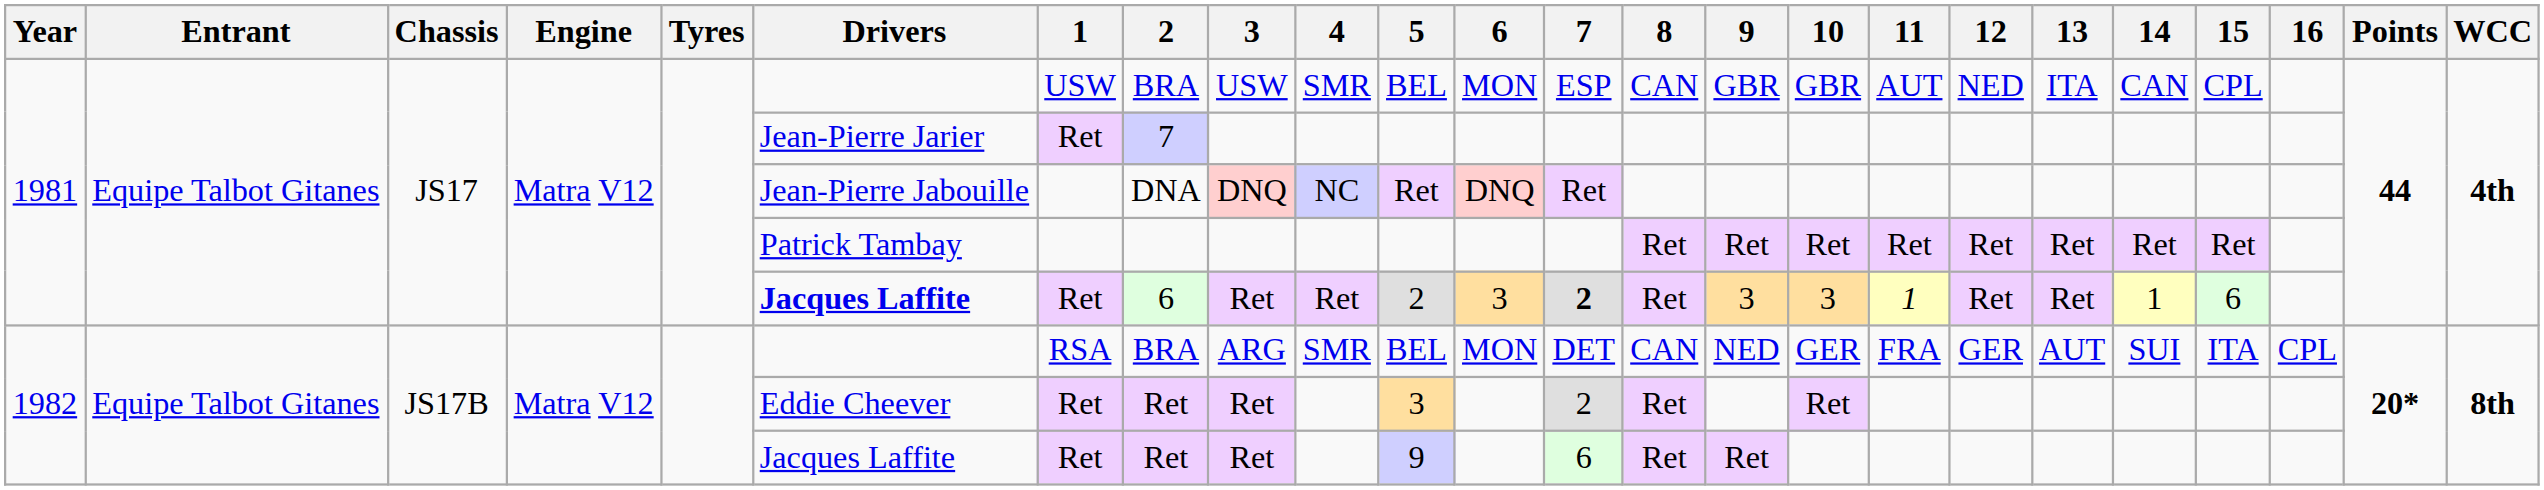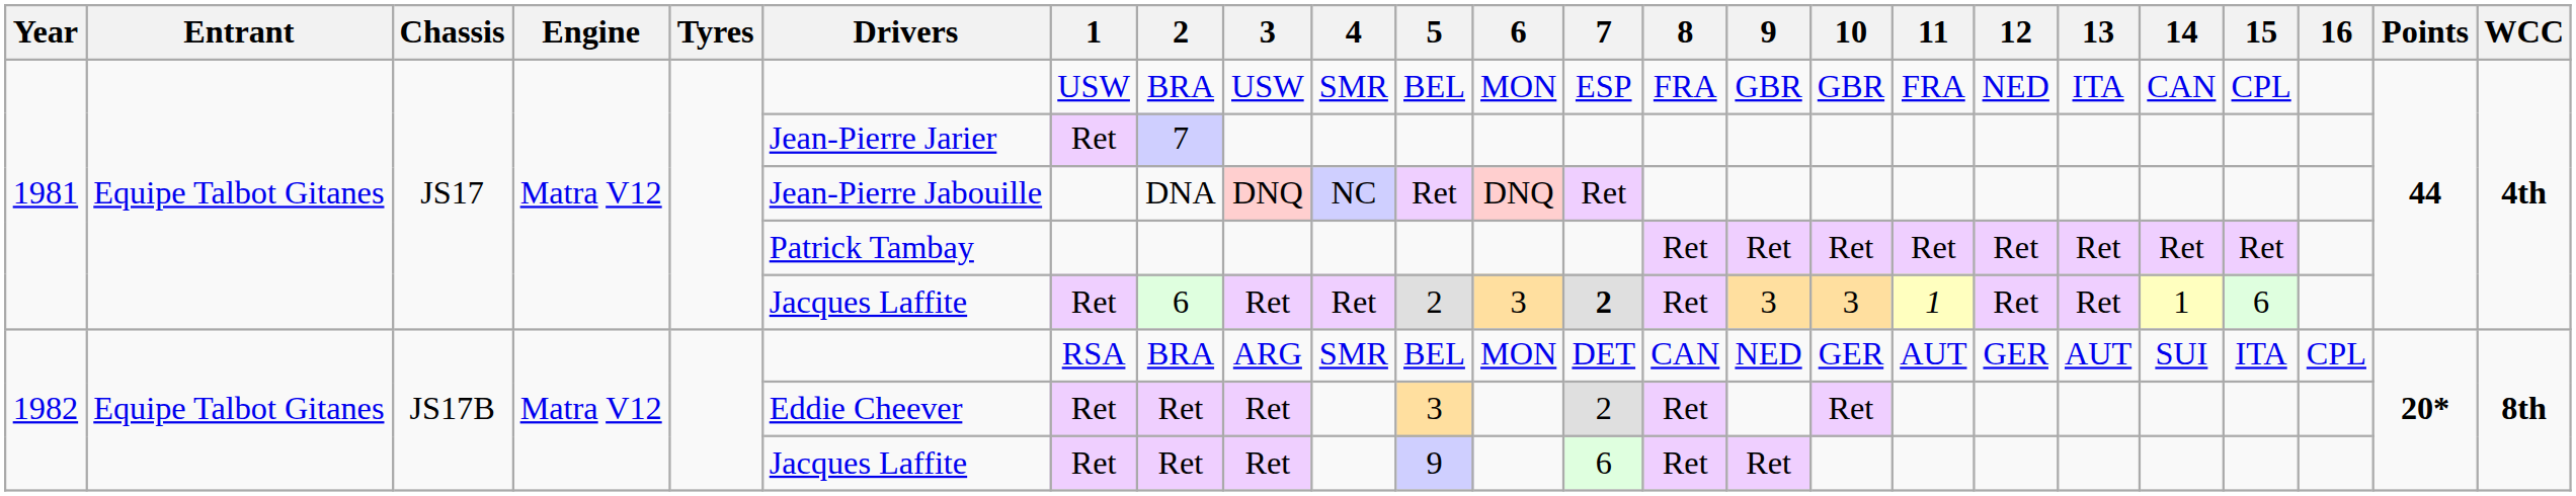 <table class="wikitable" style="text-align:center; font-size:90%">
 <tr>
 <th>Year</th>
 <th>Entrant</th>
 <th>Chassis</th>
 <th>Engine</th>
 <th>Tyres</th>
 <th>Drivers</th>
 <th>1</th>
 <th>2</th>
 <th>3</th>
 <th>4</th>
 <th>5</th>
 <th>6</th>
 <th>7</th>
 <th>8</th>
 <th>9</th>
 <th>10</th>
 <th>11</th>
 <th>12</th>
 <th>13</th>
 <th>14</th>
 <th>15</th>
 <th>16</th>
 <th>Points</th>
 <th>WCC</th>
 </tr>
 <tr>
 <td Rowspan="5"><a href='#'>1981</a></td>
 <td Rowspan="5"><a href='#'>Equipe Talbot Gitanes</a></td>
 <td Rowspan="5">JS17</td>
 <td Rowspan="5"><a href='#'>Matra</a> <a href='#'>V12</a></td>
 <td Rowspan="5"></td>
 <td></td>
 <td><a href='#'>USW</a></td>
 <td><a href='#'>BRA</a></td>
 <td><a href='#'>USW</a></td>
 <td><a href='#'>SMR</a></td>
 <td><a href='#'>BEL</a></td>
 <td><a href='#'>MON</a></td>
 <td><a href='#'>ESP</a></td>
-<td><a href='#'>CAN</a></td>
+<td><a href='#'>FRA</a></td>
 <td><a href='#'>GBR</a></td>
 <td><a href='#'>GBR</a></td>
-<td><a href='#'>AUT</a></td>
+<td><a href='#'>FRA</a></td>
 <td><a href='#'>NED</a></td>
 <td><a href='#'>ITA</a></td>
 <td><a href='#'>CAN</a></td>
 <td><a href='#'>CPL</a></td>
 <td></td>
 <td Rowspan="5"><strong>44</strong></td>
 <td Rowspan="5"><strong>4th</strong></td>
 </tr>
 <tr>
 <td align="left"><a href='#'>Jean-Pierre Jarier</a></td>
 <td style="background:#EFCFFF;">Ret</td>
 <td style="background:#CFCFFF;">7</td>
 <td></td>
 <td></td>
 <td></td>
 <td></td>
 <td></td>
 <td></td>
 <td></td>
 <td></td>
 <td></td>
 <td></td>
 <td></td>
 <td></td>
 <td></td>
 <td></td>
 </tr>
 <tr>
 <td align="left"><a href='#'>Jean-Pierre Jabouille</a></td>
 <td></td>
 <td>DNA</td>
 <td style="background:#FFCFCF;">DNQ</td>
 <td style="background:#CFCFFF;">NC</td>
 <td style="background:#EFCFFF;">Ret</td>
 <td style="background:#FFCFCF;">DNQ</td>
 <td style="background:#EFCFFF;">Ret</td>
 <td></td>
 <td></td>
 <td></td>
 <td></td>
 <td></td>
 <td></td>
 <td></td>
 <td></td>
 <td></td>
 </tr>
 <tr>
 <td align="left"><a href='#'>Patrick Tambay</a></td>
 <td></td>
 <td></td>
 <td></td>
 <td></td>
 <td></td>
 <td></td>
 <td></td>
 <td style="background:#EFCFFF;">Ret</td>
 <td style="background:#EFCFFF;">Ret</td>
 <td style="background:#EFCFFF;">Ret</td>
 <td style="background:#EFCFFF;">Ret</td>
 <td style="background:#EFCFFF;">Ret</td>
 <td style="background:#EFCFFF;">Ret</td>
 <td style="background:#EFCFFF;">Ret</td>
 <td style="background:#EFCFFF;">Ret</td>
 <td></td>
 </tr>
 <tr>
-<td align="left"><strong><a href='#'>Jacques Laffite</a></strong></td>
+<td align="left"><a href='#'>Jacques Laffite</a></td>
 <td style="background:#EFCFFF;">Ret</td>
 <td style="background:#DFFFDF;">6</td>
 <td style="background:#EFCFFF;">Ret</td>
 <td style="background:#EFCFFF;">Ret</td>
 <td style="background:#DFDFDF;">2</td>
 <td style="background:#FFDF9F;">3</td>
 <td style="background:#DFDFDF;"><strong>2</strong></td>
 <td style="background:#EFCFFF;">Ret</td>
 <td style="background:#FFDF9F;">3</td>
 <td style="background:#FFDF9F;">3</td>
 <td style="background:#FFFFBF;"><em>1</em></td>
 <td style="background:#EFCFFF;">Ret</td>
 <td style="background:#EFCFFF;">Ret</td>
 <td style="background:#FFFFBF;">1</td>
 <td style="background:#DFFFDF;">6</td>
 <td></td>
 </tr>
 <tr>
 <td Rowspan="3"><a href='#'>1982</a></td>
 <td Rowspan="3"><a href='#'>Equipe Talbot Gitanes</a></td>
 <td Rowspan="3">JS17B</td>
 <td Rowspan="3"><a href='#'>Matra</a> <a href='#'>V12</a></td>
 <td Rowspan="3"></td>
 <td></td>
 <td><a href='#'>RSA</a></td>
 <td><a href='#'>BRA</a></td>
 <td><a href='#'>ARG</a></td>
 <td><a href='#'>SMR</a></td>
 <td><a href='#'>BEL</a></td>
 <td><a href='#'>MON</a></td>
 <td><a href='#'>DET</a></td>
 <td><a href='#'>CAN</a></td>
 <td><a href='#'>NED</a></td>
 <td><a href='#'>GER</a></td>
-<td><a href='#'>FRA</a></td>
+<td><a href='#'>AUT</a></td>
 <td><a href='#'>GER</a></td>
 <td><a href='#'>AUT</a></td>
 <td><a href='#'>SUI</a></td>
 <td><a href='#'>ITA</a></td>
 <td><a href='#'>CPL</a></td>
 <td Rowspan="3"><strong>20*</strong></td>
 <td Rowspan="3"><strong>8th</strong></td>
 </tr>
 <tr>
 <td align="left"><a href='#'>Eddie Cheever</a></td>
 <td style="background:#EFCFFF;">Ret</td>
 <td style="background:#EFCFFF;">Ret</td>
 <td style="background:#EFCFFF;">Ret</td>
 <td></td>
 <td style="background:#FFDF9F;">3</td>
 <td></td>
 <td style="background:#DFDFDF;">2</td>
 <td style="background:#EFCFFF;">Ret</td>
 <td></td>
 <td style="background:#EFCFFF;">Ret</td>
 <td></td>
 <td></td>
 <td></td>
 <td></td>
 <td></td>
 <td></td>
 </tr>
 <tr>
 <td align="left"><a href='#'>Jacques Laffite</a></td>
 <td style="background:#EFCFFF;">Ret</td>
 <td style="background:#EFCFFF;">Ret</td>
 <td style="background:#EFCFFF;">Ret</td>
 <td></td>
 <td style="background:#CFCFFF;">9</td>
 <td></td>
 <td style="background:#DFFFDF;">6</td>
 <td style="background:#EFCFFF;">Ret</td>
 <td style="background:#EFCFFF;">Ret</td>
 <td></td>
 <td></td>
 <td></td>
 <td></td>
 <td></td>
 <td></td>
 <td></td>
 </tr>
 </table>
